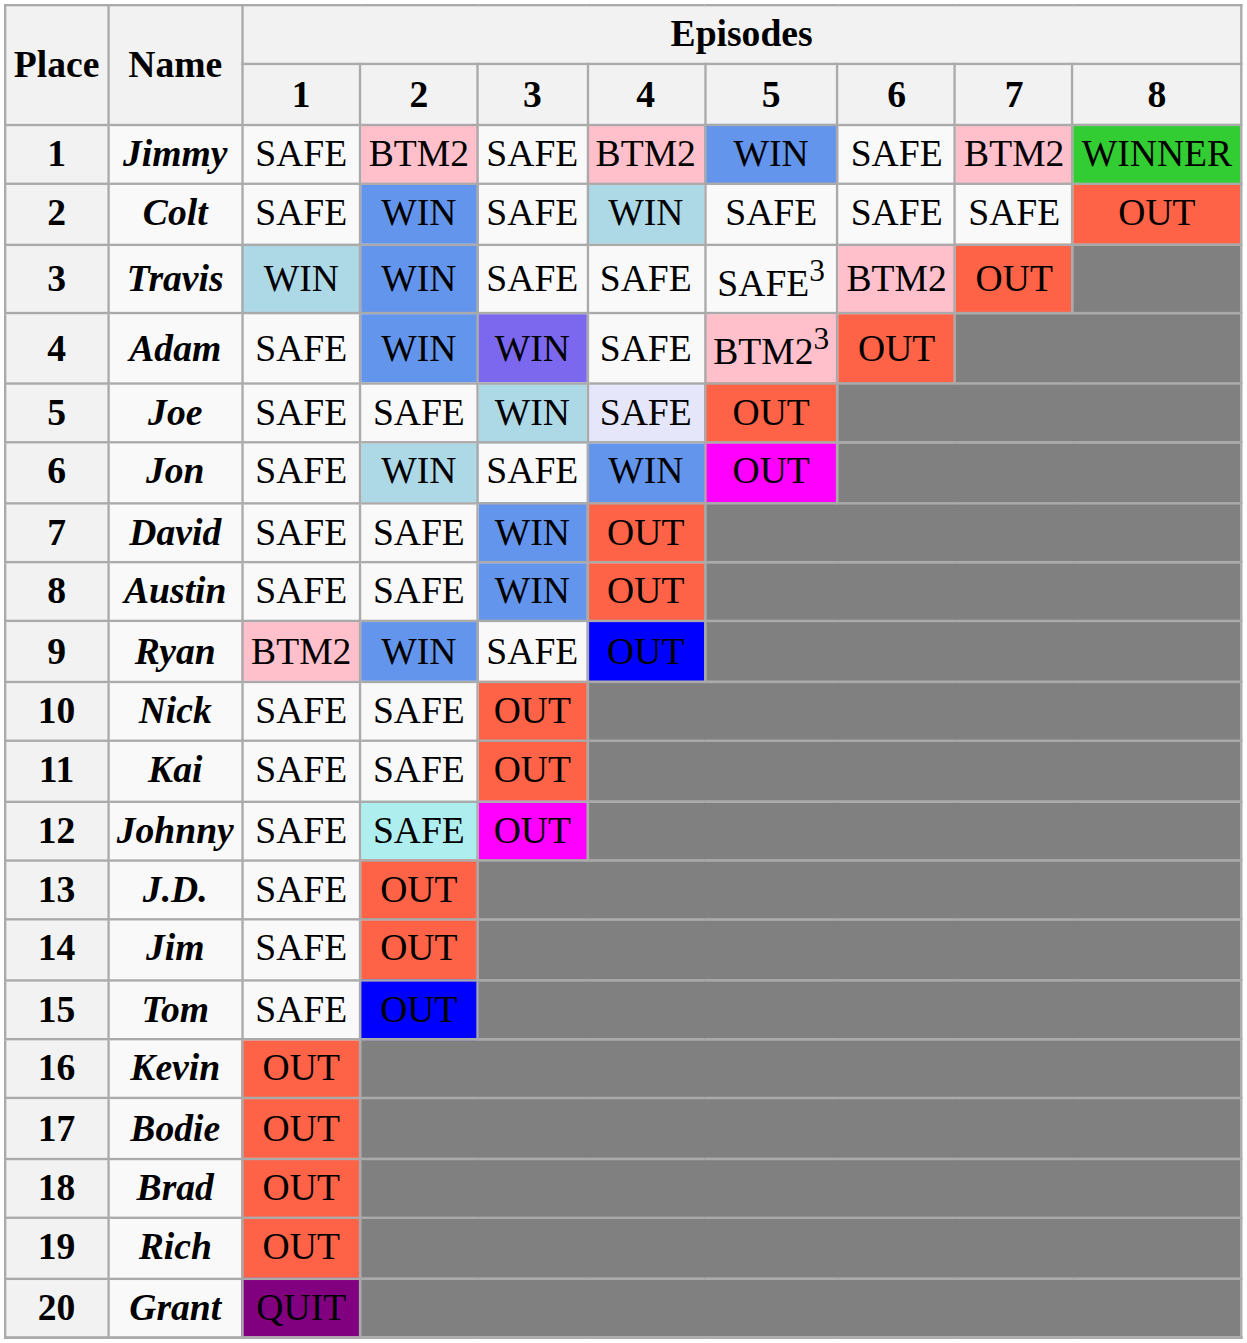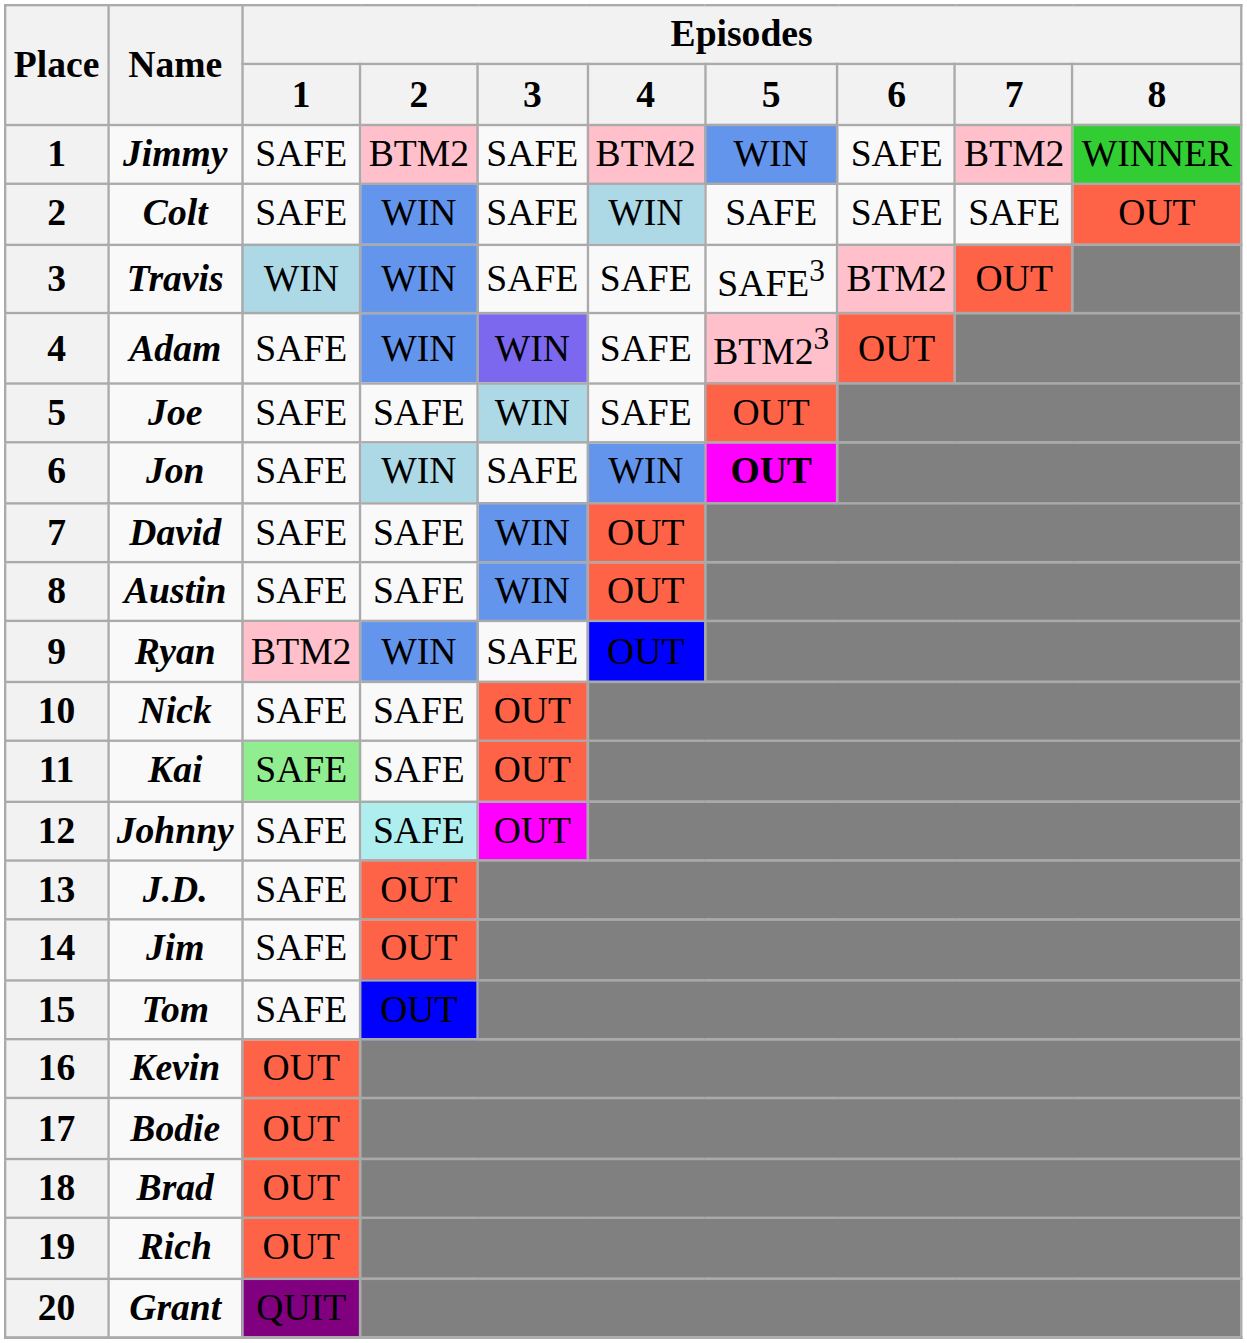 <table class=wikitable style="text-align:center">
 <tr>
 <th rowspan=2>Place</th>
 <th rowspan=2>Name</th>
 <th colspan=8>Episodes</th>
 </tr>
 <tr>
 <th>1</th>
 <th>2</th>
 <th>3</th>
 <th>4</th>
 <th>5</th>
 <th>6</th>
 <th>7</th>
 <th>8</th>
 </tr>
 <tr>
 <th>1</th>
 <td><strong><em>Jimmy</em></strong></td>
 <td>SAFE</td>
 <td bgcolor="pink">BTM2</td>
 <td>SAFE</td>
 <td bgcolor="pink">BTM2</td>
 <td bgcolor="cornflowerblue">WIN</td>
 <td>SAFE</td>
 <td bgcolor="pink">BTM2</td>
 <td bgcolor="limegreen">WINNER</td>
 </tr>
 <tr>
 <th>2</th>
 <td><strong><em>Colt</em></strong></td>
 <td>SAFE</td>
 <td bgcolor="cornflowerblue">WIN</td>
 <td>SAFE</td>
 <td bgcolor="lightblue">WIN</td>
 <td>SAFE</td>
 <td>SAFE</td>
 <td>SAFE</td>
 <td bgcolor="tomato">OUT</td>
 </tr>
 <tr>
 <th>3</th>
 <td><strong><em>Travis</em></strong></td>
 <td bgcolor="lightblue">WIN</td>
 <td bgcolor="cornflowerblue">WIN</td>
 <td>SAFE</td>
 <td>SAFE</td>
 <td>SAFE<sup>3</sup></td>
 <td bgcolor="pink">BTM2</td>
 <td bgcolor="tomato">OUT</td>
 <td bgcolor=gray colspan=1></td>
 </tr>
 <tr>
 <th>4</th>
 <td><strong><em>Adam</em></strong></td>
 <td>SAFE</td>
 <td bgcolor="cornflowerblue">WIN</td>
 <td bgcolor="mediumslateblue">WIN</td>
 <td>SAFE</td>
 <td bgcolor="pink">BTM2<sup>3</sup></td>
 <td bgcolor="tomato">OUT</td>
 <td bgcolor=gray colspan=2></td>
 </tr>
 <tr>
 <th>5</th>
 <td><strong><em>Joe</em></strong></td>
 <td>SAFE</td>
 <td>SAFE</td>
 <td bgcolor="lightblue">WIN</td>
-<td style="background: lavender;">SAFE</td>
+<td>SAFE</td>
 <td bgcolor="tomato">OUT</td>
 <td bgcolor=gray colspan=3></td>
 </tr>
 <tr>
 <th>6</th>
 <td><strong><em>Jon</em></strong></td>
 <td>SAFE</td>
 <td bgcolor="lightblue">WIN</td>
 <td>SAFE</td>
 <td bgcolor="cornflowerblue">WIN</td>
-<td bgcolor="magenta">OUT</td>
+<td bgcolor="magenta"><strong>OUT</strong></td>
 <td bgcolor=gray colspan=3></td>
 </tr>
 <tr>
 <th>7</th>
 <td><strong><em>David</em></strong></td>
 <td>SAFE</td>
 <td>SAFE</td>
 <td bgcolor="cornflowerblue">WIN</td>
 <td bgcolor="tomato">OUT</td>
 <td bgcolor=gray colspan=4></td>
 </tr>
 <tr>
 <th>8</th>
 <td><strong><em>Austin</em></strong></td>
 <td>SAFE</td>
 <td>SAFE</td>
 <td bgcolor="cornflowerblue">WIN</td>
 <td bgcolor="tomato">OUT</td>
 <td bgcolor=gray colspan=4></td>
 </tr>
 <tr>
 <th>9</th>
 <td><strong><em>Ryan</em></strong></td>
 <td bgcolor="pink">BTM2</td>
 <td bgcolor="cornflowerblue">WIN</td>
 <td>SAFE</td>
 <td bgcolor="blue"><span>OUT</span></td>
 <td bgcolor=gray colspan=4></td>
 </tr>
 <tr>
 <th>10</th>
 <td><strong><em>Nick</em></strong></td>
 <td>SAFE</td>
 <td>SAFE</td>
 <td bgcolor="tomato">OUT</td>
 <td bgcolor=gray colspan=5></td>
 </tr>
 <tr>
 <th>11</th>
 <td><strong><em>Kai</em></strong></td>
-<td>SAFE</td>
+<td style="background: lightgreen;">SAFE</td>
 <td>SAFE</td>
 <td bgcolor="tomato">OUT</td>
 <td bgcolor=gray colspan=5></td>
 </tr>
 <tr>
 <th>12</th>
 <td><strong><em>Johnny</em></strong></td>
 <td>SAFE</td>
 <td style="background: paleturquoise;">SAFE</td>
 <td bgcolor="magenta">OUT</td>
 <td bgcolor=gray colspan=5></td>
 </tr>
 <tr>
 <th>13</th>
 <td><strong><em>J.D.</em></strong></td>
 <td>SAFE</td>
 <td bgcolor="tomato">OUT</td>
 <td bgcolor=gray colspan=6></td>
 </tr>
 <tr>
 <th>14</th>
 <td><strong><em>Jim</em></strong></td>
 <td>SAFE</td>
 <td bgcolor="tomato">OUT</td>
 <td bgcolor=gray colspan=6></td>
 </tr>
 <tr>
 <th>15</th>
 <td><strong><em>Tom</em></strong></td>
 <td>SAFE</td>
 <td bgcolor="blue"><span>OUT</span></td>
 <td bgcolor=gray colspan=6></td>
 </tr>
 <tr>
 <th>16</th>
 <td><strong><em>Kevin</em></strong></td>
 <td bgcolor="tomato">OUT</td>
 <td bgcolor=gray colspan=7></td>
 </tr>
 <tr>
 <th>17</th>
 <td><strong><em>Bodie</em></strong></td>
 <td bgcolor="tomato">OUT</td>
 <td bgcolor=gray colspan=7></td>
 </tr>
 <tr>
 <th>18</th>
 <td><strong><em>Brad</em></strong></td>
 <td bgcolor="tomato">OUT</td>
 <td bgcolor=gray colspan=7></td>
 </tr>
 <tr>
 <th>19</th>
 <td><strong><em>Rich</em></strong></td>
 <td bgcolor="tomato">OUT</td>
 <td bgcolor=gray colspan=7></td>
 </tr>
 <tr>
 <th>20</th>
 <td><strong><em>Grant</em></strong></td>
 <td bgcolor="purple"><span>QUIT</span></td>
 <td bgcolor=gray colspan=7></td>
 </tr>
 <tr>
 </tr>
 </table>
